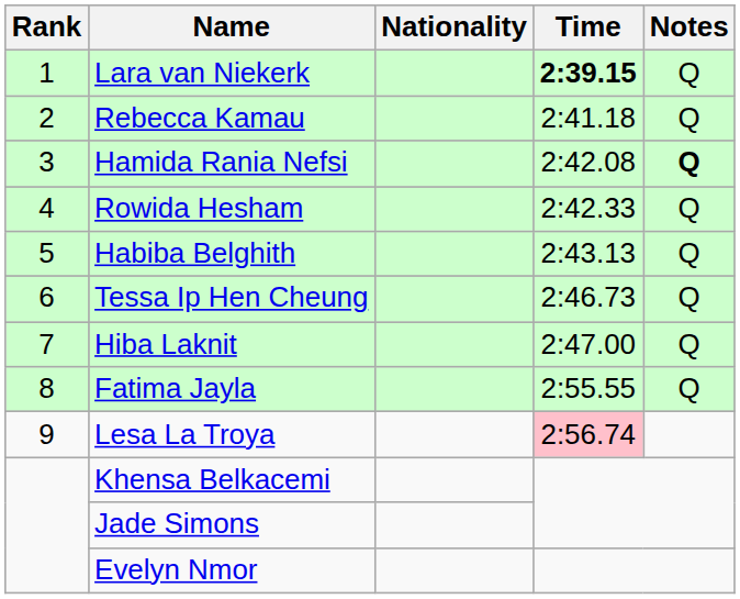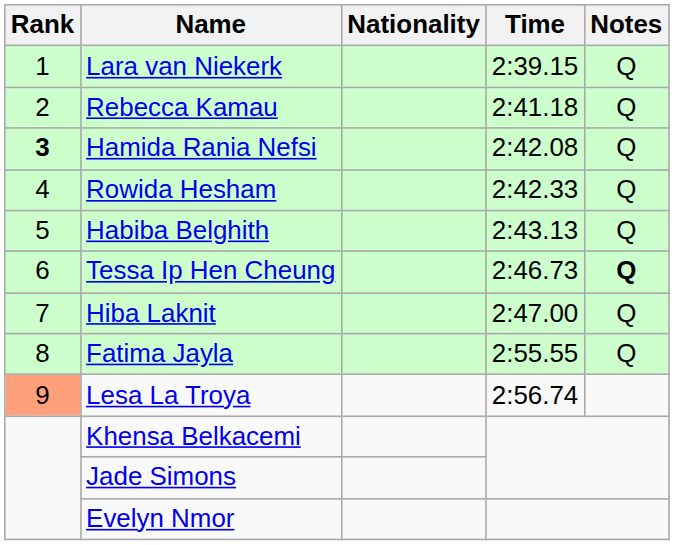 <table class="wikitable sortable" style="text-align:center">
 <tr>
 <th>Rank</th>
 <th>Name</th>
 <th>Nationality</th>
 <th>Time</th>
 <th>Notes</th>
 </tr>
 <tr bgcolor=ccffcc>
 <td>1</td>
 <td align=left><a href='#'>Lara van Niekerk</a></td>
 <td align=left></td>
-<td><strong>2:39.15</strong></td>
+<td>2:39.15</td>
 <td>Q</td>
 </tr>
 <tr bgcolor=ccffcc>
 <td>2</td>
 <td align=left><a href='#'>Rebecca Kamau</a></td>
 <td align=left></td>
 <td>2:41.18</td>
 <td>Q</td>
 </tr>
 <tr bgcolor=ccffcc>
-<td>3</td>
+<td><strong>3</strong></td>
 <td align=left><a href='#'>Hamida Rania Nefsi</a></td>
 <td align=left></td>
 <td>2:42.08</td>
-<td><strong>Q</strong></td>
+<td>Q</td>
 </tr>
 <tr bgcolor=ccffcc>
 <td>4</td>
 <td align=left><a href='#'>Rowida Hesham</a></td>
 <td align=left></td>
 <td>2:42.33</td>
 <td>Q</td>
 </tr>
 <tr bgcolor=ccffcc>
 <td>5</td>
 <td align=left><a href='#'>Habiba Belghith</a></td>
 <td align=left></td>
 <td>2:43.13</td>
 <td>Q</td>
 </tr>
 <tr bgcolor=ccffcc>
 <td>6</td>
 <td align=left><a href='#'>Tessa Ip Hen Cheung</a></td>
 <td align=left></td>
 <td>2:46.73</td>
-<td>Q</td>
+<td><strong>Q</strong></td>
 </tr>
 <tr bgcolor=ccffcc>
 <td>7</td>
 <td align=left><a href='#'>Hiba Laknit</a></td>
 <td align=left></td>
 <td>2:47.00</td>
 <td>Q</td>
 </tr>
 <tr bgcolor=ccffcc>
 <td>8</td>
 <td align=left><a href='#'>Fatima Jayla</a></td>
 <td align=left></td>
 <td>2:55.55</td>
 <td>Q</td>
 </tr>
 <tr>
-<td>9</td>
+<td style="background: lightsalmon;">9</td>
 <td align=left><a href='#'>Lesa La Troya</a></td>
 <td align=left></td>
-<td style="background: pink;">2:56.74</td>
+<td>2:56.74</td>
 <td></td>
 </tr>
 <tr>
 <td rowspan=3></td>
 <td align=left><a href='#'>Khensa Belkacemi</a></td>
 <td align=left></td>
 <td colspan=2 rowspan=2></td>
 </tr>
 <tr>
 <td align=left><a href='#'>Jade Simons</a></td>
 <td align=left></td>
 </tr>
 <tr>
 <td align=left><a href='#'>Evelyn Nmor</a></td>
 <td align=left></td>
 <td colspan=2></td>
 </tr>
 </table>
